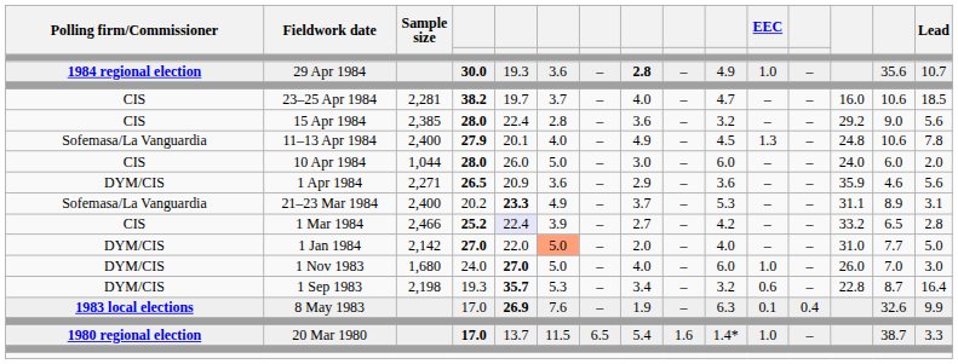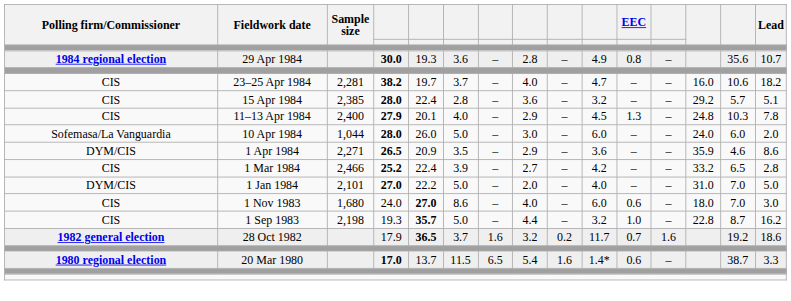 <table class="wikitable collapsible collapsed" style="text-align:center; font-size:90%; line-height:14px;">
 <tr style="height:42px;">
 <th style="width:250px;" rowspan="2">Polling firm/Commissioner</th>
 <th style="width:125px;" rowspan="2">Fieldwork date</th>
 <th style="width:50px;" rowspan="2">Sample size</th>
 <th style="width:35px;"></th>
 <th style="width:35px;"></th>
 <th style="width:35px;"></th>
 <th style="width:35px;"></th>
 <th style="width:35px;"></th>
 <th style="width:35px;"></th>
 <th style="width:35px;"></th>
 <th style="width:35px;"><a href='#'>EEC</a></th>
 <th style="width:35px;"></th>
 <th style="width:35px;" rowspan="2"></th>
 <th style="width:35px;" rowspan="2"></th>
 <th style="width:30px;" rowspan="2">Lead</th>
 </tr>
 <tr>
 <th style="color:inherit;background:"></th>
 <th style="color:inherit;background:"></th>
 <th style="color:inherit;background:"></th>
 <th style="color:inherit;background:"></th>
 <th style="color:inherit;background:"></th>
 <th style="color:inherit;background:"></th>
 <th style="color:inherit;background:"></th>
 <th style="color:inherit;background:"></th>
 <th style="color:inherit;background:"></th>
 </tr>
 <tr>
 <td colspan="15" style="background:#A0A0A0"></td>
 </tr>
 <tr style="background:#EFEFEF;">
 <td><strong><a href='#'>1984 regional election</a></strong></td>
 <td>29 Apr 1984</td>
 <td></td>
 <td><strong>30.0</strong></td>
 <td>19.3</td>
 <td>3.6</td>
 <td>–</td>
-<td><strong>2.8</strong></td>
+<td>2.8</td>
 <td>–</td>
 <td>4.9</td>
-<td>1.0</td>
+<td>0.8</td>
 <td>–</td>
 <td></td>
 <td>35.6</td>
 <td style="background:">10.7</td>
 </tr>
 <tr>
 <td colspan="15" style="background:#A0A0A0"></td>
 </tr>
 <tr>
 <td>CIS</td>
 <td>23–25 Apr 1984</td>
 <td>2,281</td>
 <td><strong>38.2</strong></td>
 <td>19.7</td>
 <td>3.7</td>
 <td>–</td>
 <td>4.0</td>
 <td>–</td>
 <td>4.7</td>
 <td>–</td>
 <td>–</td>
 <td>16.0</td>
 <td>10.6</td>
-<td style="background:">18.5</td>
+<td style="background:">18.2</td>
 </tr>
 <tr>
 <td>CIS</td>
 <td>15 Apr 1984</td>
 <td>2,385</td>
 <td><strong>28.0</strong></td>
 <td>22.4</td>
 <td>2.8</td>
 <td>–</td>
 <td>3.6</td>
 <td>–</td>
 <td>3.2</td>
 <td>–</td>
 <td>–</td>
 <td>29.2</td>
-<td>9.0</td>
-<td style="background:">5.6</td>
+<td>5.7</td>
+<td style="background:">5.1</td>
 </tr>
 <tr>
-<td>Sofemasa/La Vanguardia</td>
+<td>CIS</td>
 <td>11–13 Apr 1984</td>
 <td>2,400</td>
 <td><strong>27.9</strong></td>
 <td>20.1</td>
 <td>4.0</td>
 <td>–</td>
-<td>4.9</td>
+<td>2.9</td>
 <td>–</td>
 <td>4.5</td>
 <td>1.3</td>
 <td>–</td>
 <td>24.8</td>
-<td>10.6</td>
+<td>10.3</td>
 <td style="background:">7.8</td>
 </tr>
 <tr>
-<td>CIS</td>
+<td>Sofemasa/La Vanguardia</td>
 <td>10 Apr 1984</td>
 <td>1,044</td>
 <td><strong>28.0</strong></td>
 <td>26.0</td>
 <td>5.0</td>
 <td>–</td>
 <td>3.0</td>
 <td>–</td>
 <td>6.0</td>
 <td>–</td>
 <td>–</td>
 <td>24.0</td>
 <td>6.0</td>
 <td style="background:">2.0</td>
 </tr>
 <tr>
 <td>DYM/CIS</td>
 <td>1 Apr 1984</td>
 <td>2,271</td>
 <td><strong>26.5</strong></td>
 <td>20.9</td>
-<td>3.6</td>
+<td>3.5</td>
 <td>–</td>
 <td>2.9</td>
 <td>–</td>
 <td>3.6</td>
 <td>–</td>
 <td>–</td>
 <td>35.9</td>
 <td>4.6</td>
-<td style="background:">5.6</td>
-</tr>
-<tr>
-<td>Sofemasa/La Vanguardia</td>
-<td>21–23 Mar 1984</td>
-<td>2,400</td>
-<td>20.2</td>
-<td><strong>23.3</strong></td>
-<td>4.9</td>
-<td>–</td>
-<td>3.7</td>
-<td>–</td>
-<td>5.3</td>
-<td>–</td>
-<td>–</td>
-<td>31.1</td>
-<td>8.9</td>
-<td style="background:">3.1</td>
+<td style="background:">8.6</td>
 </tr>
 <tr>
 <td>CIS</td>
 <td>1 Mar 1984</td>
 <td>2,466</td>
 <td><strong>25.2</strong></td>
-<td style="background: lavender;">22.4</td>
+<td>22.4</td>
 <td>3.9</td>
 <td>–</td>
 <td>2.7</td>
 <td>–</td>
 <td>4.2</td>
 <td>–</td>
 <td>–</td>
 <td>33.2</td>
 <td>6.5</td>
 <td style="background:">2.8</td>
 </tr>
 <tr>
 <td>DYM/CIS</td>
 <td>1 Jan 1984</td>
-<td>2,142</td>
+<td>2,101</td>
 <td><strong>27.0</strong></td>
-<td>22.0</td>
-<td style="background: lightsalmon;">5.0</td>
+<td>22.2</td>
+<td>5.0</td>
 <td>–</td>
 <td>2.0</td>
 <td>–</td>
 <td>4.0</td>
 <td>–</td>
 <td>–</td>
 <td>31.0</td>
-<td>7.7</td>
+<td>7.0</td>
 <td style="background:">5.0</td>
 </tr>
 <tr>
-<td>DYM/CIS</td>
+<td>CIS</td>
 <td>1 Nov 1983</td>
 <td>1,680</td>
 <td>24.0</td>
 <td><strong>27.0</strong></td>
-<td>5.0</td>
+<td>8.6</td>
 <td>–</td>
 <td>4.0</td>
 <td>–</td>
 <td>6.0</td>
-<td>1.0</td>
+<td>0.6</td>
 <td>–</td>
-<td>26.0</td>
+<td>18.0</td>
 <td>7.0</td>
 <td style="background:">3.0</td>
 </tr>
 <tr>
-<td>DYM/CIS</td>
+<td>CIS</td>
 <td>1 Sep 1983</td>
 <td>2,198</td>
 <td>19.3</td>
 <td><strong>35.7</strong></td>
-<td>5.3</td>
+<td>5.0</td>
 <td>–</td>
-<td>3.4</td>
+<td>4.4</td>
 <td>–</td>
 <td>3.2</td>
-<td>0.6</td>
+<td>1.0</td>
 <td>–</td>
 <td>22.8</td>
 <td>8.7</td>
-<td style="background:">16.4</td>
+<td style="background:">16.2</td>
 </tr>
 <tr style="background:#EFEFEF;">
-<td><strong><a href='#'>1983 local elections</a></strong></td>
-<td>8 May 1983</td>
+<td><strong><a href='#'>1982 general election</a></strong></td>
+<td>28 Oct 1982</td>
 <td></td>
-<td>17.0</td>
-<td><strong>26.9</strong></td>
-<td>7.6</td>
-<td>–</td>
-<td>1.9</td>
-<td>–</td>
-<td>6.3</td>
-<td>0.1</td>
-<td>0.4</td>
+<td>17.9</td>
+<td><strong>36.5</strong></td>
+<td>3.7</td>
+<td>1.6</td>
+<td>3.2</td>
+<td>0.2</td>
+<td>11.7</td>
+<td>0.7</td>
+<td>1.6</td>
 <td></td>
-<td>32.6</td>
-<td style="background:">9.9</td>
+<td>19.2</td>
+<td style="background:">18.6</td>
 </tr>
 <tr>
 <td colspan="15" style="background:#A0A0A0"></td>
 </tr>
 <tr style="background:#EFEFEF;">
 <td><strong><a href='#'>1980 regional election</a></strong></td>
 <td>20 Mar 1980</td>
 <td></td>
 <td><strong>17.0</strong></td>
 <td>13.7</td>
 <td>11.5</td>
 <td>6.5</td>
 <td>5.4</td>
 <td>1.6</td>
 <td>1.4*</td>
-<td>1.0</td>
+<td>0.6</td>
 <td>–</td>
 <td></td>
 <td>38.7</td>
 <td style="background:">3.3</td>
 </tr>
 <tr>
 <td colspan="15" style="background:#A0A0A0"></td>
 </tr>
 <tr>
 <td align="left" colspan="15"></td>
 </tr>
 </table>
